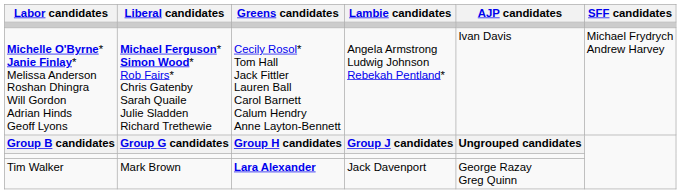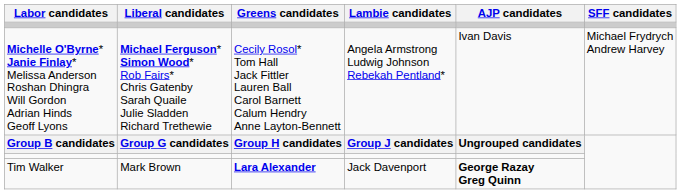 <table class="wikitable">
 <tr>
 <th><a href='#'>Labor</a> candidates</th>
 <th><a href='#'>Liberal</a> candidates</th>
 <th><a href='#'>Greens</a> candidates</th>
 <th><a href='#'>Lambie</a> candidates</th>
 <th><a href='#'>AJP</a> candidates</th>
 <th><a href='#'>SFF</a> candidates</th>
 </tr>
 <tr bgcolor="#cccccc">
 <td></td>
 <td></td>
 <td></td>
 <td></td>
 <td></td>
 <td></td>
 </tr>
 <tr>
 <td valign=top ><br><strong><a href='#'>Michelle O'Byrne</a></strong>* <br>  <strong><a href='#'>Janie Finlay</a></strong>* <br> Melissa Anderson <br> Roshan Dhingra <br> Will Gordon <br> Adrian Hinds <br> Geoff Lyons</td>
 <td valign=top ><br><strong><a href='#'>Michael Ferguson</a></strong>* <br>  <strong><a href='#'>Simon Wood</a></strong>* <br> <a href='#'>Rob Fairs</a>* <br>  Chris Gatenby <br>  Sarah Quaile <br> Julie Sladden <br>  Richard Trethewie</td>
 <td valign=top ><br><a href='#'>Cecily Rosol</a>* <br> Tom Hall <br>  Jack Fittler <br> Lauren Ball <br> Carol Barnett <br>  Calum Hendry <br>  Anne Layton-Bennett</td>
 <td valign=top ><br>Angela Armstrong <br> Ludwig Johnson <br>  <a href='#'>Rebekah Pentland</a>*</td>
 <td valign=top>Ivan Davis</td>
 <td valign=top>Michael Frydrych <br> Andrew Harvey</td>
 </tr>
 <tr>
 <th><a href='#'>Group B</a> candidates</th>
 <th><a href='#'>Group G</a> candidates</th>
 <th><a href='#'>Group H</a> candidates</th>
 <th><a href='#'>Group J</a> candidates</th>
 <th>Ungrouped candidates</th>
 </tr>
 <tr>
 <td></td>
 <td></td>
 <td></td>
 <td></td>
 <td></td>
 </tr>
 <tr>
 <td valign=top>Tim Walker</td>
 <td valign=top>Mark Brown</td>
 <td valign=top><strong><a href='#'>Lara Alexander</a></strong></td>
 <td valign=top>Jack Davenport</td>
-<td valign=top>George Razay <br> Greg Quinn</td>
+<td valign=top><strong>George Razay <br> Greg Quinn</strong></td>
 </tr>
 </table>
